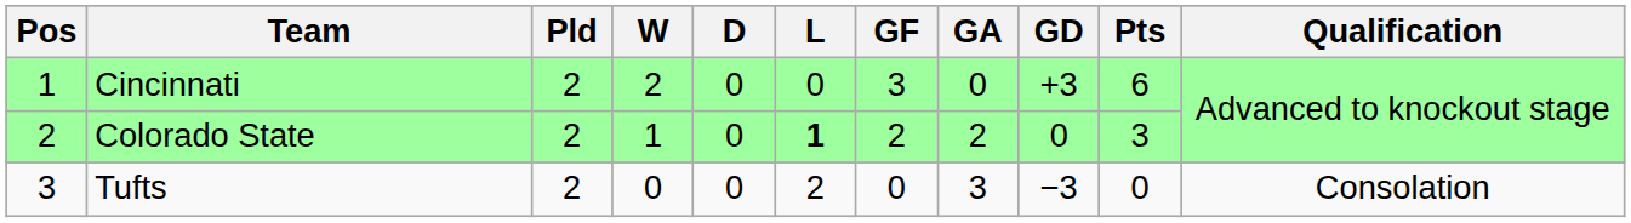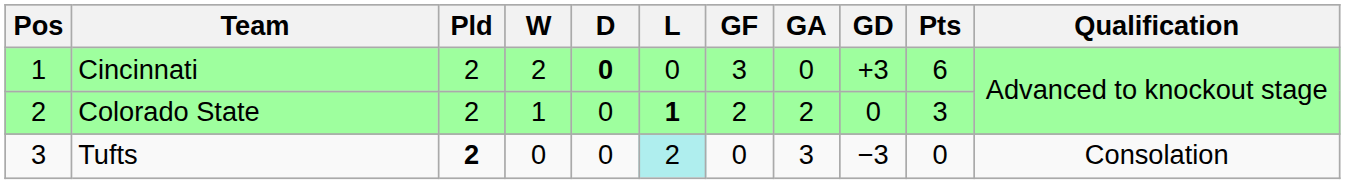 <table class="wikitable" style="text-align:center; margin: 1em auto">
 <tr>
 <th style="width:2em">Pos</th>
 <th style="width:13em">Team</th>
 <th style="width:2em">Pld</th>
 <th style="width:2em">W</th>
 <th style="width:2em">D</th>
 <th style="width:2em">L</th>
 <th style="width:2em">GF</th>
 <th style="width:2em">GA</th>
 <th style="width:2em">GD</th>
 <th style="width:2em">Pts</th>
 <th style="width:13em">Qualification</th>
 </tr>
 <tr bgcolor="#9eff9e">
 <td>1</td>
 <td style="text-align:left">Cincinnati</td>
 <td>2</td>
 <td>2</td>
-<td>0</td>
+<td><strong>0</strong></td>
 <td>0</td>
 <td>3</td>
 <td>0</td>
 <td>+3</td>
 <td>6</td>
 <td rowspan="2">Advanced to knockout stage</td>
 </tr>
 <tr bgcolor="#9eff9e">
 <td>2</td>
 <td style="text-align:left">Colorado State</td>
 <td>2</td>
 <td>1</td>
 <td>0</td>
 <td><strong>1</strong></td>
 <td>2</td>
 <td>2</td>
 <td>0</td>
 <td>3</td>
 </tr>
 <tr>
 <td>3</td>
 <td style="text-align:left">Tufts</td>
-<td>2</td>
+<td><strong>2</strong></td>
 <td>0</td>
 <td>0</td>
-<td>2</td>
+<td style="background: paleturquoise;">2</td>
 <td>0</td>
 <td>3</td>
 <td>−3</td>
 <td>0</td>
 <td>Consolation</td>
 </tr>
 </table>
